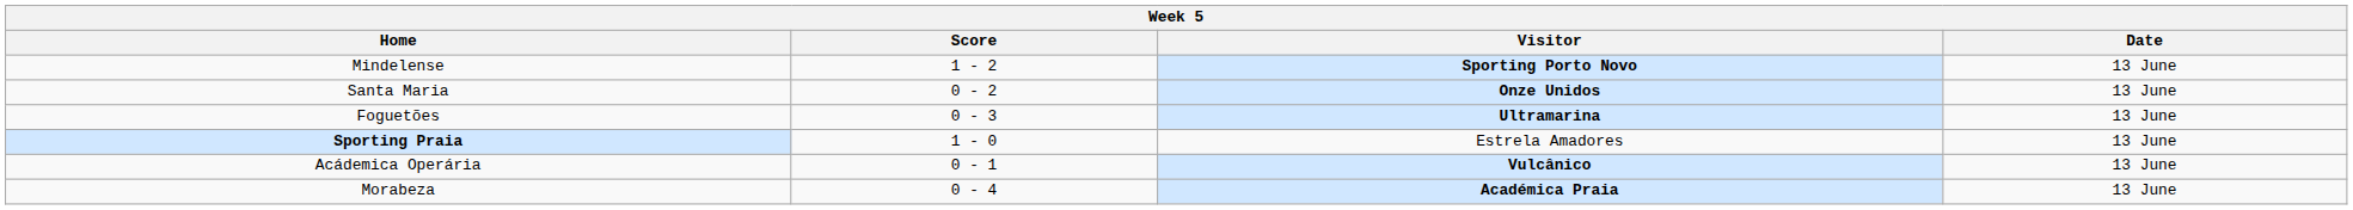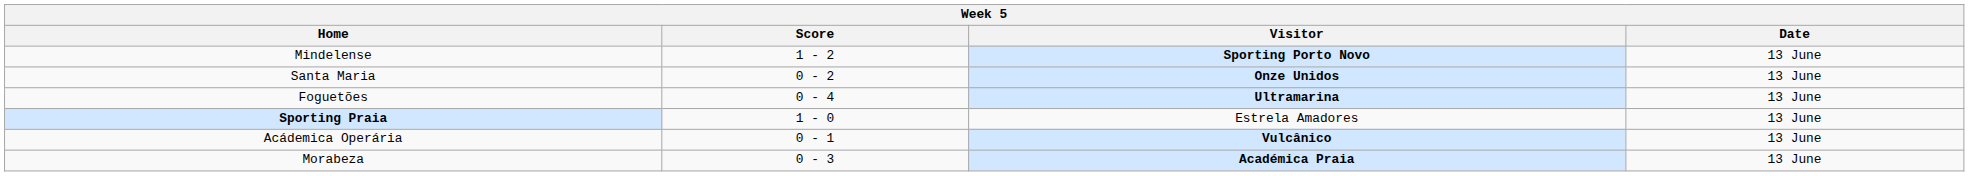 <table class="wikitable" style="font-size:95%; text-align: center; width: 95%;">
 <tr>
 <th colspan="12" style="with: 100%;" align=center>Week 5</th>
 </tr>
 <tr>
 <th width="200">Home</th>
 <th width="90">Score</th>
 <th width="200">Visitor</th>
 <th width="100">Date</th>
 </tr>
 <tr align=center>
 <td>Mindelense</td>
 <td>1 - 2</td>
 <td bgcolor=#D0E7FF><strong>Sporting Porto Novo</strong></td>
 <td>13 June</td>
 </tr>
 <tr align=center>
 <td>Santa Maria</td>
 <td>0 - 2</td>
 <td bgcolor=#D0E7FF><strong>Onze Unidos</strong></td>
 <td>13 June</td>
 </tr>
 <tr align=center>
 <td>Foguetões</td>
-<td>0 - 3</td>
+<td>0 - 4</td>
 <td bgcolor=#D0E7FF><strong>Ultramarina</strong></td>
 <td>13 June</td>
 </tr>
 <tr align=center>
 <td bgcolor=#D0E7FF><strong>Sporting Praia</strong></td>
 <td>1 - 0</td>
 <td>Estrela Amadores</td>
 <td>13 June</td>
 </tr>
 <tr align=center>
 <td>Acádemica Operária</td>
 <td>0 - 1</td>
 <td bgcolor=#D0E7FF><strong>Vulcânico</strong></td>
 <td>13 June</td>
 </tr>
 <tr align=center>
 <td>Morabeza</td>
-<td>0 - 4</td>
+<td>0 - 3</td>
 <td bgcolor=#D0E7FF><strong>Académica Praia</strong></td>
 <td>13 June</td>
 </tr>
 </table>
